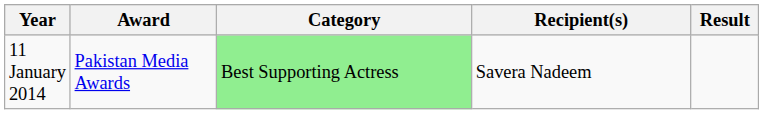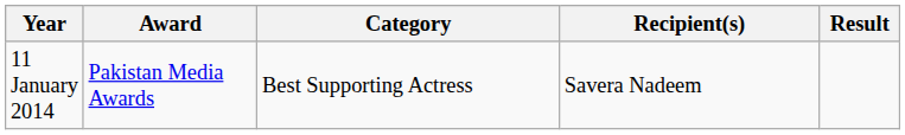 <table class="wikitable" width="100%" style="font-size: 95%;">
 <tr style="background:#ccc; text-align:center;">
 <th scope="col" width="6%">Year</th>
 <th scope="col" width="20%">Award</th>
 <th scope="col" width="35%">Category</th>
 <th scope="col" width="30%">Recipient(s)</th>
 <th scope="col" width="10%">Result</th>
 </tr>
 <tr>
 <td rowspan=2>11 January 2014</td>
 <td rowspan=2><a href='#'>Pakistan Media Awards</a></td>
-<td style="background: lightgreen;">Best Supporting Actress</td>
+<td>Best Supporting Actress</td>
 <td>Savera Nadeem</td>
 <td></td>
 </tr>
 </table>
